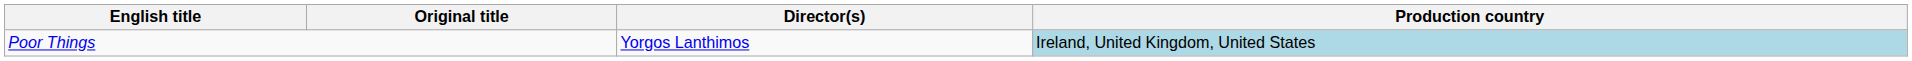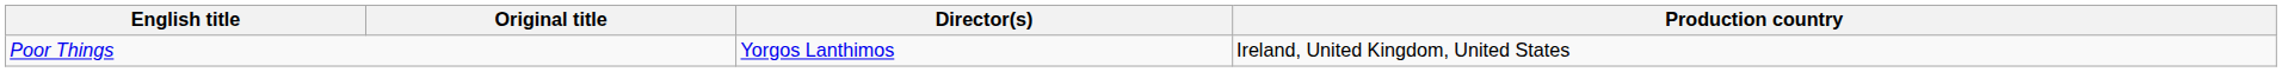 <table class="wikitable" style="width:95%; margin-bottom:2px">
 <tr>
 <th>English title</th>
 <th>Original title</th>
 <th>Director(s)</th>
 <th>Production country</th>
 </tr>
 <tr>
 <td colspan="2"><em><a href='#'>Poor Things</a></em></td>
 <td><a href='#'>Yorgos Lanthimos</a></td>
-<td style="background: lightblue;">Ireland, United Kingdom, United States</td>
+<td>Ireland, United Kingdom, United States</td>
 </tr>
 </table>
